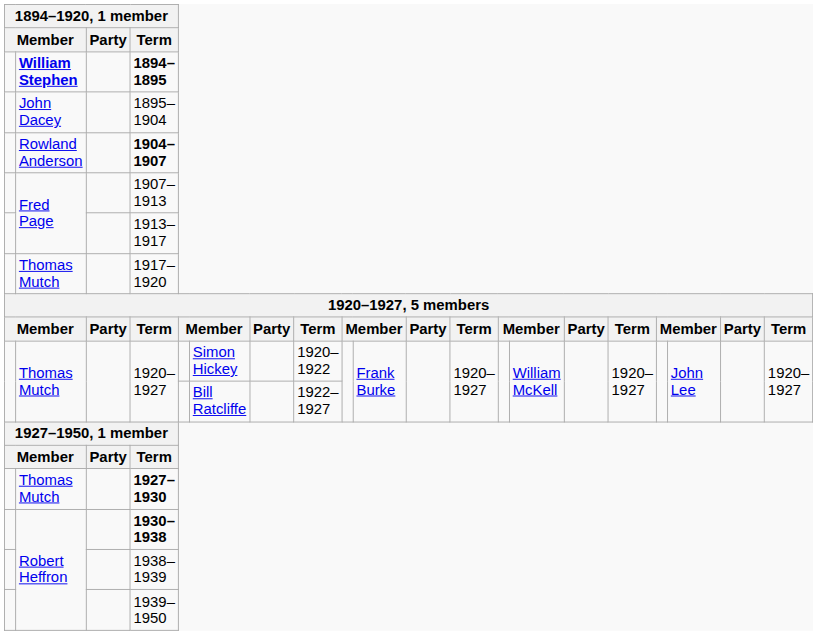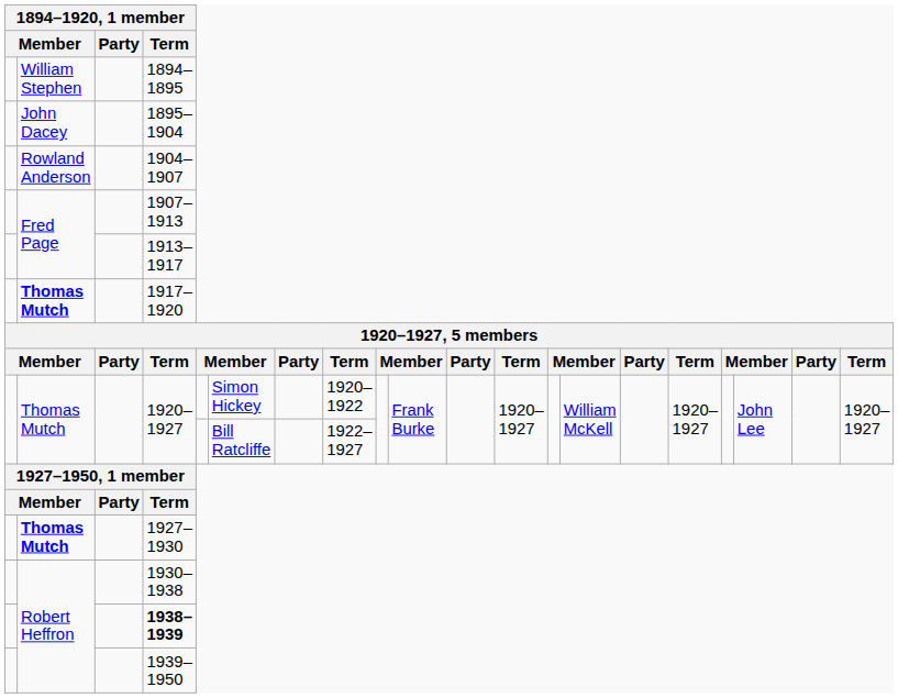 <table class="wikitable" style='border-style: none none none solid;'>
 <tr>
 <th colspan="4">1894–1920, 1 member</th>
 </tr>
 <tr>
 <th colspan="2">Member</th>
 <th>Party</th>
 <th>Term</th>
 </tr>
 <tr style="background: #f9f9f9">
 <td> </td>
-<td><strong><a href='#'>William Stephen</a></strong></td>
+<td><a href='#'>William Stephen</a></td>
 <td></td>
-<td><strong>1894–1895</strong></td>
+<td>1894–1895</td>
 </tr>
 <tr style="background: #f9f9f9">
 <td> </td>
 <td><a href='#'>John Dacey</a></td>
 <td></td>
 <td>1895–1904</td>
 </tr>
 <tr style="background: #f9f9f9">
 <td> </td>
 <td><a href='#'>Rowland Anderson</a></td>
 <td></td>
-<td><strong>1904–1907</strong></td>
+<td>1904–1907</td>
 </tr>
 <tr style="background: #f9f9f9">
 <td> </td>
 <td rowspan="2"><a href='#'>Fred Page</a></td>
 <td></td>
 <td>1907–1913</td>
 </tr>
 <tr style="background: #f9f9f9">
 <td> </td>
 <td></td>
 <td>1913–1917</td>
 </tr>
 <tr style="background: #f9f9f9">
 <td> </td>
-<td><a href='#'>Thomas Mutch</a></td>
+<td><strong><a href='#'>Thomas Mutch</a></strong></td>
 <td></td>
 <td>1917–1920</td>
 </tr>
 <tr style="background: #f9f9f9">
 <th colspan="20">1920–1927, 5 members</th>
 </tr>
 <tr style="background: #f9f9f9">
 <th colspan="2">Member</th>
 <th>Party</th>
 <th>Term</th>
 <th colspan="2">Member</th>
 <th>Party</th>
 <th>Term</th>
 <th colspan="2">Member</th>
 <th>Party</th>
 <th>Term</th>
 <th colspan="2">Member</th>
 <th>Party</th>
 <th>Term</th>
 <th colspan="2">Member</th>
 <th>Party</th>
 <th>Term</th>
 </tr>
 <tr style="background: #f9f9f9">
 <td rowspan="2" > </td>
 <td rowspan="2"><a href='#'>Thomas Mutch</a></td>
 <td rowspan="2"></td>
 <td rowspan="2">1920–1927</td>
 <td> </td>
 <td><a href='#'>Simon Hickey</a></td>
 <td></td>
 <td>1920–1922</td>
 <td rowspan="2" > </td>
 <td rowspan="2"><a href='#'>Frank Burke</a></td>
 <td rowspan="2"></td>
 <td rowspan="2">1920–1927</td>
 <td rowspan="2" > </td>
 <td rowspan="2"><a href='#'>William McKell</a></td>
 <td rowspan="2"></td>
 <td rowspan="2">1920–1927</td>
 <td rowspan="2" > </td>
 <td rowspan="2"><a href='#'>John Lee</a></td>
 <td rowspan="2"></td>
 <td rowspan="2">1920–1927</td>
 </tr>
 <tr style="background: #f9f9f9">
 <td> </td>
 <td><a href='#'>Bill Ratcliffe</a></td>
 <td></td>
 <td>1922–1927</td>
 </tr>
 <tr style="background: #f9f9f9">
 <th colspan="4">1927–1950, 1 member</th>
 </tr>
 <tr style="background: #f9f9f9">
 <th colspan="2">Member</th>
 <th>Party</th>
 <th>Term</th>
 </tr>
 <tr style="background: #f9f9f9">
 <td> </td>
-<td><a href='#'>Thomas Mutch</a></td>
+<td><strong><a href='#'>Thomas Mutch</a></strong></td>
 <td></td>
-<td><strong>1927–1930</strong></td>
+<td>1927–1930</td>
 </tr>
 <tr style="background: #f9f9f9">
 <td> </td>
 <td rowspan="3"><a href='#'>Robert Heffron</a></td>
 <td></td>
-<td><strong>1930–1938</strong></td>
+<td>1930–1938</td>
 </tr>
 <tr style="background: #f9f9f9">
 <td> </td>
 <td></td>
-<td>1938–1939</td>
+<td><strong>1938–1939</strong></td>
 </tr>
 <tr style="background: #f9f9f9">
 <td> </td>
 <td></td>
 <td>1939–1950</td>
 </tr>
 </table>
